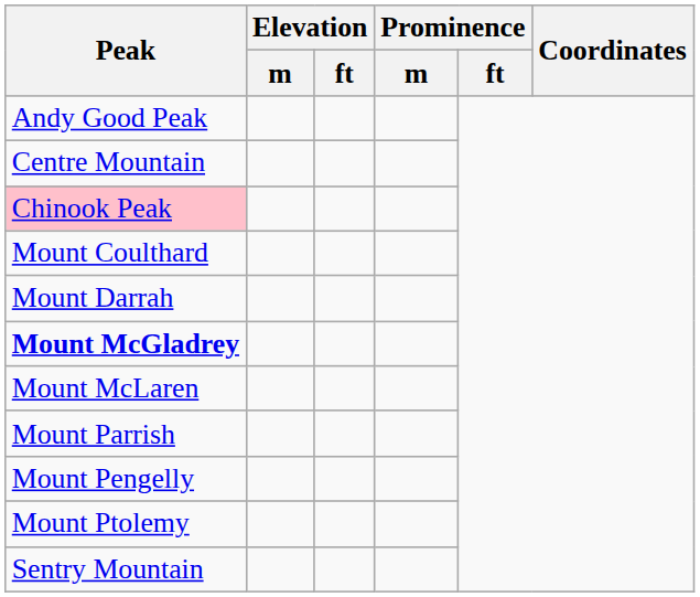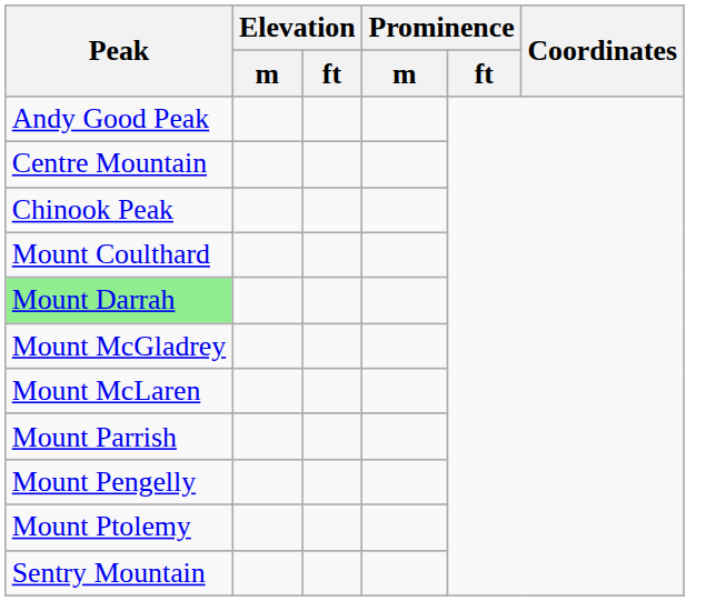 <table class="wikitable sortable">
 <tr>
 <th rowspan=2>Peak</th>
 <th colspan=2>Elevation</th>
 <th colspan=2>Prominence</th>
 <th rowspan=2>Coordinates</th>
 </tr>
 <tr>
 <th>m</th>
 <th>ft</th>
 <th>m</th>
 <th>ft</th>
 </tr>
 <tr>
 <td><a href='#'>Andy Good Peak</a></td>
 <td></td>
 <td></td>
 <td></td>
 </tr>
 <tr>
 <td><a href='#'>Centre Mountain</a></td>
 <td></td>
 <td></td>
 <td></td>
 </tr>
 <tr>
-<td style="background: pink;"><a href='#'>Chinook Peak</a></td>
+<td><a href='#'>Chinook Peak</a></td>
 <td></td>
 <td></td>
 <td></td>
 </tr>
 <tr>
 <td><a href='#'>Mount Coulthard</a></td>
 <td></td>
 <td></td>
 <td></td>
 </tr>
 <tr>
-<td><a href='#'>Mount Darrah</a></td>
+<td style="background: lightgreen;"><a href='#'>Mount Darrah</a></td>
 <td></td>
 <td></td>
 <td></td>
 </tr>
 <tr>
-<td><strong><a href='#'>Mount McGladrey</a></strong></td>
+<td><a href='#'>Mount McGladrey</a></td>
 <td></td>
 <td></td>
 <td></td>
 </tr>
 <tr>
 <td><a href='#'>Mount McLaren</a></td>
 <td></td>
 <td></td>
 <td></td>
 </tr>
 <tr>
 <td><a href='#'>Mount Parrish</a></td>
 <td></td>
 <td></td>
 <td></td>
 </tr>
 <tr>
 <td><a href='#'>Mount Pengelly</a></td>
 <td></td>
 <td></td>
 <td></td>
 </tr>
 <tr>
 <td><a href='#'>Mount Ptolemy</a></td>
 <td></td>
 <td></td>
 <td></td>
 </tr>
 <tr>
 <td><a href='#'>Sentry Mountain</a></td>
 <td></td>
 <td></td>
 <td></td>
 </tr>
 </table>
